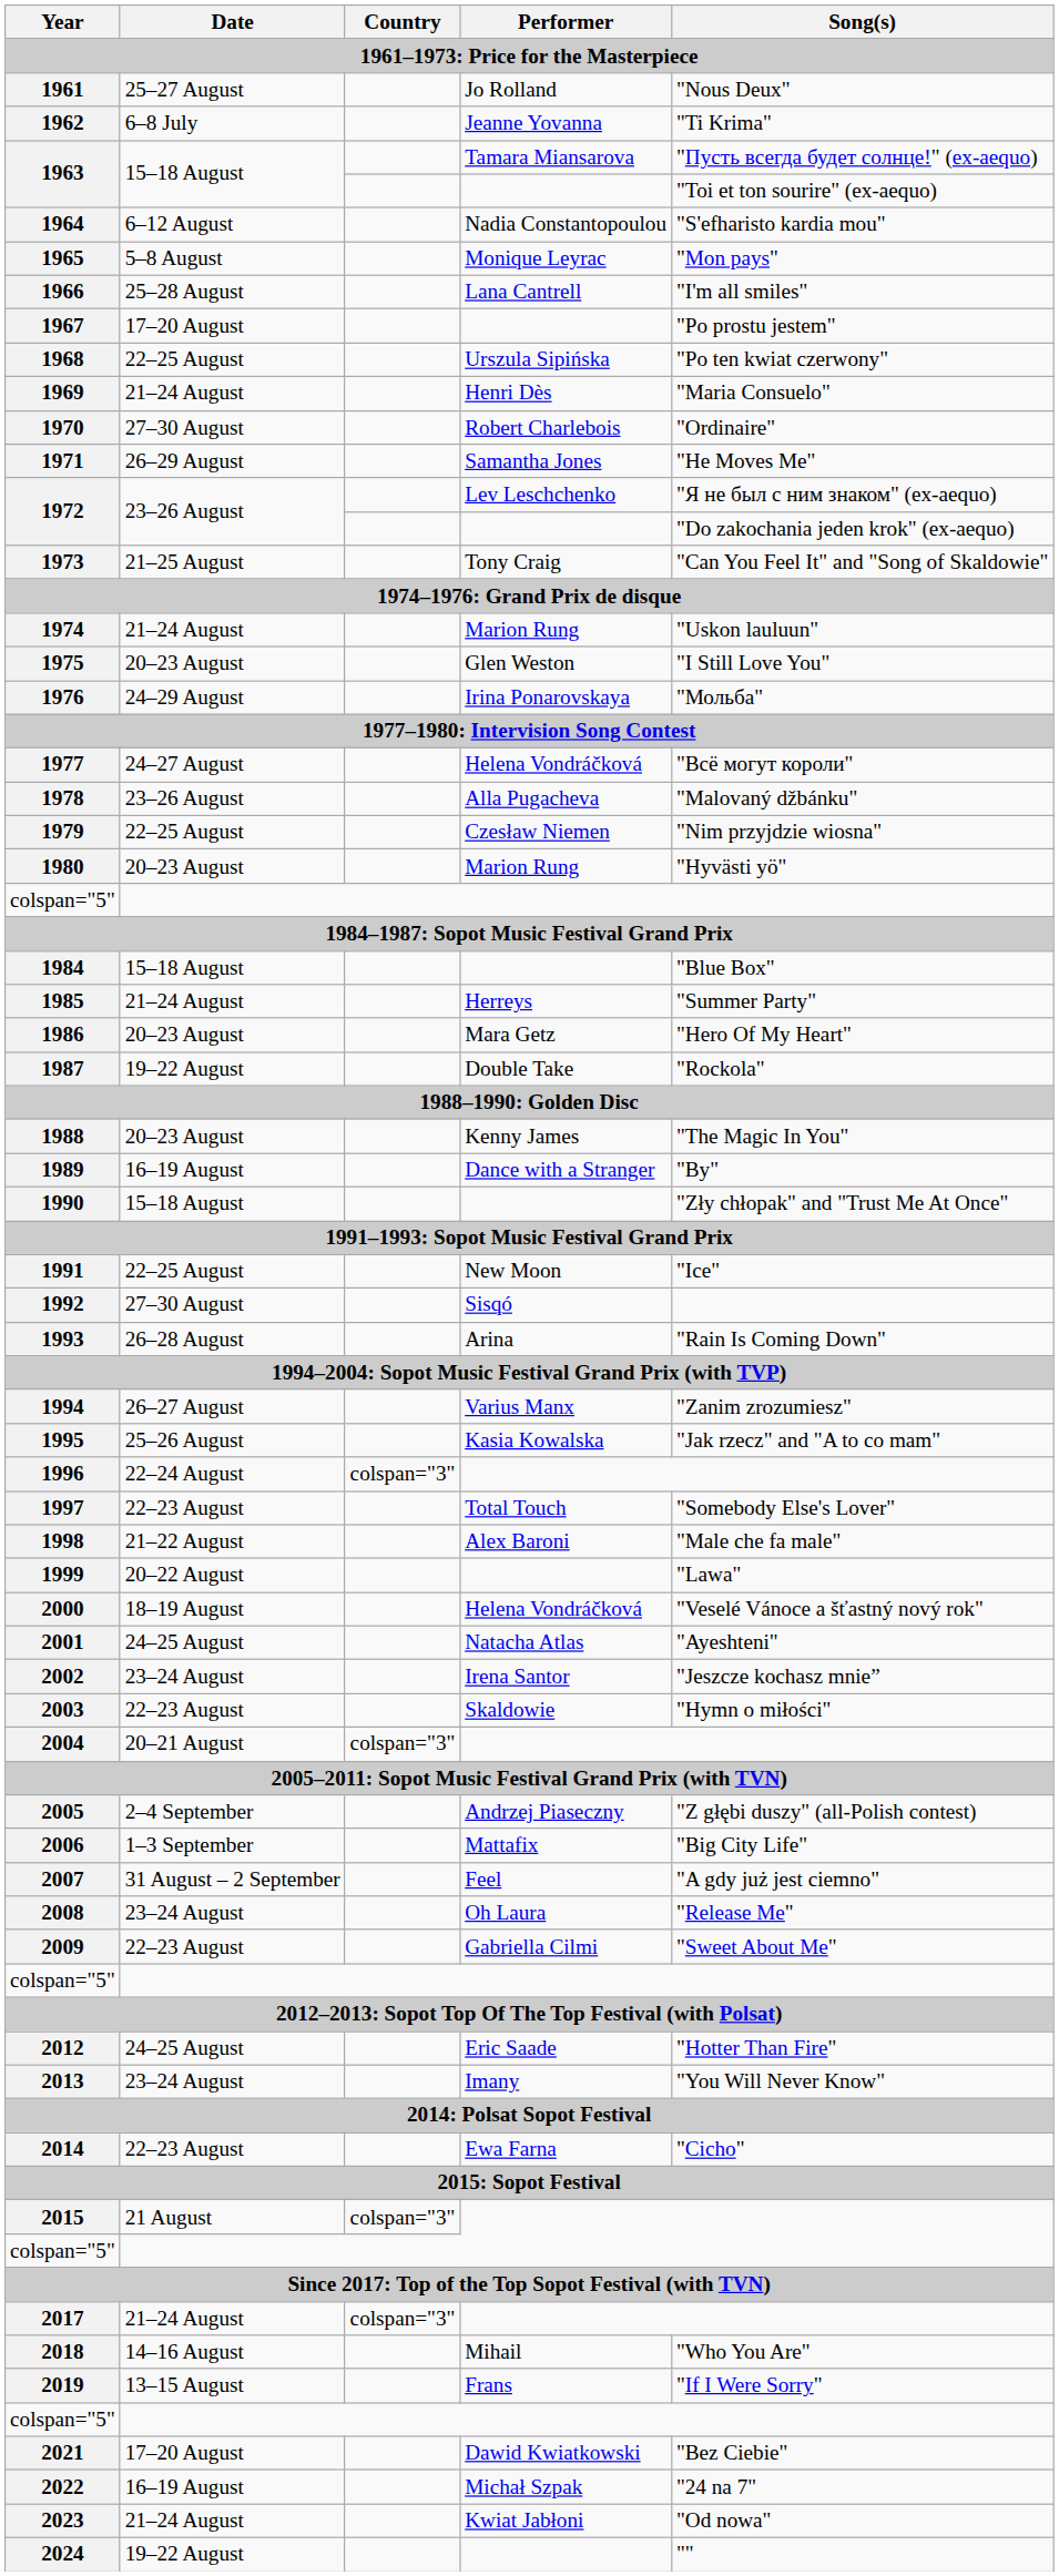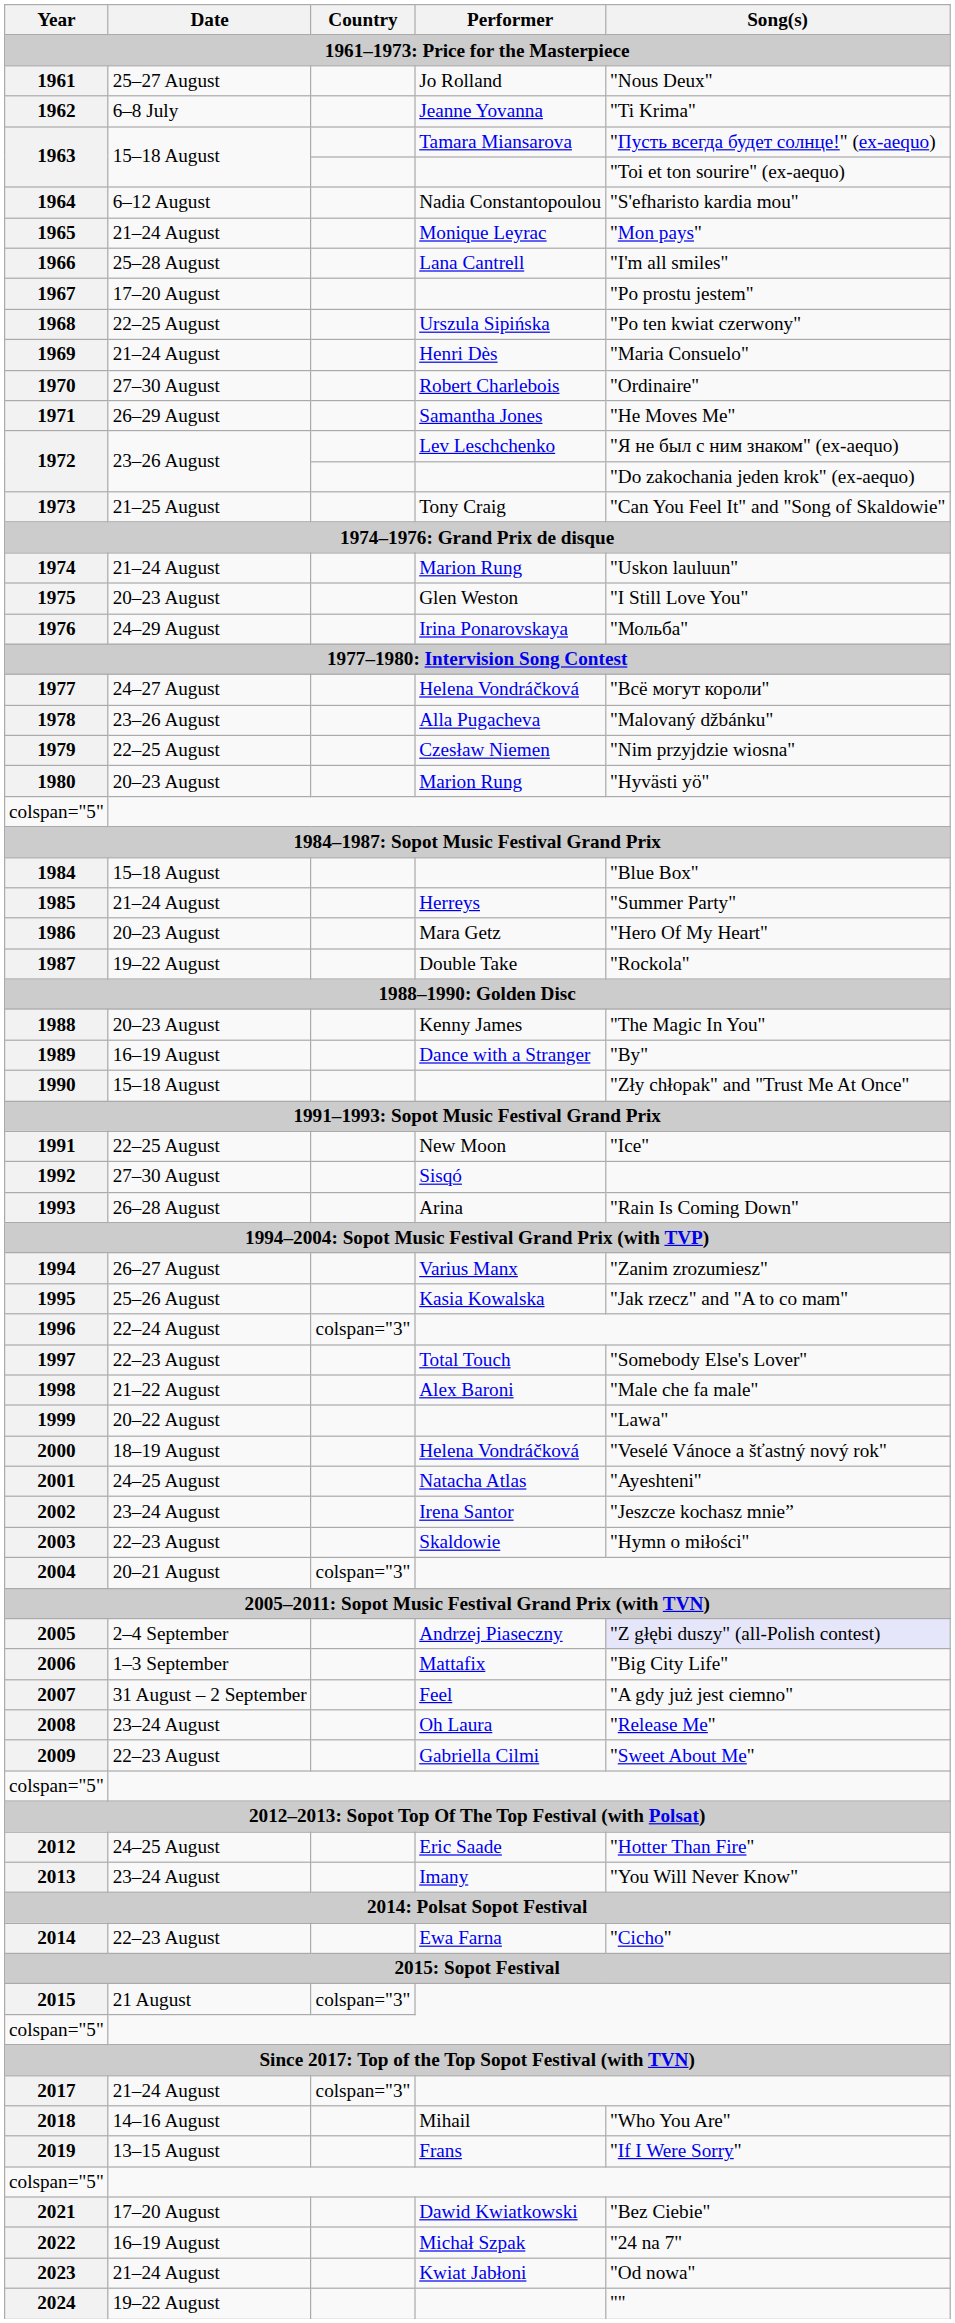 <table class="wikitable plainrowheaders" style="font-size: 95">
 <tr>
 <th scope="col">Year</th>
 <th scope="col">Date</th>
 <th scope="col">Country</th>
 <th scope="col">Performer</th>
 <th scope="col">Song(s)</th>
 </tr>
 <tr class="sortbottom" style="background:#ccc;">
 <td colspan="5"  style="text-align:center;"><strong>1961–1973: Price for the Masterpiece</strong></td>
 </tr>
 <tr>
 <th scope="row">1961</th>
 <td>25–27 August</td>
 <td></td>
 <td>Jo Rolland</td>
 <td>"Nous Deux"</td>
 </tr>
 <tr>
 <th scope="row">1962</th>
 <td>6–8 July</td>
 <td></td>
 <td><a href='#'>Jeanne Yovanna</a></td>
 <td>"Ti Krima"</td>
 </tr>
 <tr>
 <th scope="row" rowspan=2>1963</th>
 <td rowspan=2>15–18 August</td>
 <td></td>
 <td><a href='#'>Tamara Miansarova</a></td>
 <td>"<a href='#'>Пусть всегда будет солнце!</a>" (<a href='#'>ex-aequo</a>)</td>
 </tr>
 <tr>
 <td></td>
 <td></td>
 <td>"Toi et ton sourire" (ex-aequo)</td>
 </tr>
 <tr>
 <th scope="row">1964</th>
 <td>6–12 August</td>
 <td></td>
 <td>Nadia Constantopoulou</td>
 <td>"S'efharisto kardia mou"</td>
 </tr>
 <tr>
 <th scope="row">1965</th>
-<td>5–8 August</td>
+<td>21–24 August</td>
 <td></td>
 <td><a href='#'>Monique Leyrac</a></td>
 <td>"<a href='#'>Mon pays</a>"</td>
 </tr>
 <tr>
 <th scope="row">1966</th>
 <td>25–28 August</td>
 <td></td>
 <td><a href='#'>Lana Cantrell</a></td>
 <td>"I'm all smiles"</td>
 </tr>
 <tr>
 <th scope="row">1967</th>
 <td>17–20 August</td>
 <td></td>
 <td></td>
 <td>"Po prostu jestem"</td>
 </tr>
 <tr>
 <th scope="row">1968</th>
 <td>22–25 August</td>
 <td></td>
 <td><a href='#'>Urszula Sipińska</a></td>
 <td>"Po ten kwiat czerwony"</td>
 </tr>
 <tr>
 <th scope="row">1969</th>
 <td>21–24 August</td>
 <td></td>
 <td><a href='#'>Henri Dès</a></td>
 <td>"Maria Consuelo"</td>
 </tr>
 <tr>
 <th scope="row">1970</th>
 <td>27–30 August</td>
 <td></td>
 <td><a href='#'>Robert Charlebois</a></td>
 <td>"Ordinaire"</td>
 </tr>
 <tr>
 <th scope="row">1971</th>
 <td>26–29 August</td>
 <td></td>
 <td><a href='#'>Samantha Jones</a></td>
 <td>"He Moves Me"</td>
 </tr>
 <tr>
 <th scope="row" rowspan=2>1972</th>
 <td rowspan=2>23–26 August</td>
 <td></td>
 <td><a href='#'>Lev Leschchenko</a></td>
 <td>"Я не был с ним знаком" (ex-aequo)</td>
 </tr>
 <tr>
 <td></td>
 <td></td>
 <td>"Do zakochania jeden krok" (ex-aequo)</td>
 </tr>
 <tr>
 <th scope="row">1973</th>
 <td>21–25 August</td>
 <td></td>
 <td>Tony Craig</td>
 <td>"Can You Feel It" and "Song of Skaldowie"</td>
 </tr>
 <tr class="sortbottom" style="background:#ccc;">
 <td colspan="5"  style="text-align:center;"><strong>1974–1976: Grand Prix de disque</strong></td>
 </tr>
 <tr>
 <th scope="row">1974</th>
 <td>21–24 August</td>
 <td></td>
 <td><a href='#'>Marion Rung</a></td>
 <td>"Uskon lauluun"</td>
 </tr>
 <tr>
 <th scope="row">1975</th>
 <td>20–23 August</td>
 <td></td>
 <td>Glen Weston</td>
 <td>"I Still Love You"</td>
 </tr>
 <tr>
 <th scope="row">1976</th>
 <td>24–29 August</td>
 <td></td>
 <td><a href='#'>Irina Ponarovskaya</a></td>
 <td>"Мольба"</td>
 </tr>
 <tr class="sortbottom" style="background:#ccc;">
 <td colspan="5"  style="text-align:center;"><strong>1977–1980: <a href='#'>Intervision Song Contest</a></strong></td>
 </tr>
 <tr>
 <th scope="row">1977</th>
 <td>24–27 August</td>
 <td></td>
 <td><a href='#'>Helena Vondráčková</a></td>
 <td>"Всё могут короли"</td>
 </tr>
 <tr>
 <th scope="row">1978</th>
 <td>23–26 August</td>
 <td></td>
 <td><a href='#'>Alla Pugacheva</a></td>
 <td>"Malovaný džbánku"</td>
 </tr>
 <tr>
 <th scope="row">1979</th>
 <td>22–25 August</td>
 <td></td>
 <td><a href='#'>Czesław Niemen</a></td>
 <td>"Nim przyjdzie wiosna"</td>
 </tr>
 <tr>
 <th scope="row">1980</th>
 <td>20–23 August</td>
 <td></td>
 <td><a href='#'>Marion Rung</a></td>
 <td>"Hyvästi yö"</td>
 </tr>
 <tr>
 <td>colspan="5" </td>
 </tr>
 <tr class="sortbottom" style="background:#ccc;">
 <td colspan="5"  style="text-align:center;"><strong>1984–1987: Sopot Music Festival Grand Prix</strong></td>
 </tr>
 <tr>
 <th scope="row">1984</th>
 <td>15–18 August</td>
 <td></td>
 <td></td>
 <td>"Blue Box"</td>
 </tr>
 <tr>
 <th scope="row">1985</th>
 <td>21–24 August</td>
 <td></td>
 <td><a href='#'>Herreys</a></td>
 <td>"Summer Party"</td>
 </tr>
 <tr>
 <th scope="row">1986</th>
 <td>20–23 August</td>
 <td></td>
 <td>Mara Getz</td>
 <td>"Hero Of My Heart"</td>
 </tr>
 <tr>
 <th scope="row">1987</th>
 <td>19–22 August</td>
 <td></td>
 <td>Double Take</td>
 <td>"Rockola"</td>
 </tr>
 <tr class="sortbottom" style="background:#ccc;">
 <td colspan="5"  style="text-align:center;"><strong>1988–1990: Golden Disc</strong></td>
 </tr>
 <tr>
 <th scope="row">1988</th>
 <td>20–23 August</td>
 <td></td>
 <td>Kenny James</td>
 <td>"The Magic In You"</td>
 </tr>
 <tr>
 <th scope="row">1989</th>
 <td>16–19 August</td>
 <td></td>
 <td><a href='#'>Dance with a Stranger</a></td>
 <td>"By"</td>
 </tr>
 <tr>
 <th scope="row">1990</th>
 <td>15–18 August</td>
 <td></td>
 <td></td>
 <td>"Zły chłopak" and "Trust Me At Once"</td>
 </tr>
 <tr class="sortbottom" style="background:#ccc;">
 <td colspan="5"  style="text-align:center;"><strong>1991–1993: Sopot Music Festival Grand Prix</strong></td>
 </tr>
 <tr>
 <th scope="row">1991</th>
 <td>22–25 August</td>
 <td></td>
 <td>New Moon</td>
 <td>"Ice"</td>
 </tr>
 <tr>
 <th scope="row">1992</th>
 <td>27–30 August</td>
 <td></td>
 <td><a href='#'>Sisqó</a></td>
 <td></td>
 </tr>
 <tr>
 <th scope="row">1993</th>
 <td>26–28 August</td>
 <td></td>
 <td>Arina</td>
 <td>"Rain Is Coming Down"</td>
 </tr>
 <tr class="sortbottom" style="background:#ccc;">
 <td colspan="5"  style="text-align:center;"><strong>1994–2004: Sopot Music Festival Grand Prix (with <a href='#'>TVP</a>)</strong></td>
 </tr>
 <tr>
 <th scope="row">1994</th>
 <td>26–27 August</td>
 <td></td>
 <td><a href='#'>Varius Manx</a></td>
 <td>"Zanim zrozumiesz"</td>
 </tr>
 <tr>
 <th scope="row">1995</th>
 <td>25–26 August</td>
 <td></td>
 <td><a href='#'>Kasia Kowalska</a></td>
 <td>"Jak rzecz" and "A to co mam"</td>
 </tr>
 <tr>
 <th scope="row">1996</th>
 <td>22–24 August</td>
 <td>colspan="3" </td>
 </tr>
 <tr>
 <th scope="row">1997</th>
 <td>22–23 August</td>
 <td></td>
 <td><a href='#'>Total Touch</a></td>
 <td>"Somebody Else's Lover"</td>
 </tr>
 <tr>
 <th scope="row">1998</th>
 <td>21–22 August</td>
 <td></td>
 <td><a href='#'>Alex Baroni</a></td>
 <td>"Male che fa male"</td>
 </tr>
 <tr>
 <th scope="row">1999</th>
 <td>20–22 August</td>
 <td></td>
 <td></td>
 <td>"Lawa"</td>
 </tr>
 <tr>
 <th scope="row">2000</th>
 <td>18–19 August</td>
 <td></td>
 <td><a href='#'>Helena Vondráčková</a></td>
 <td>"Veselé Vánoce a šťastný nový rok"</td>
 </tr>
 <tr>
 <th scope="row">2001</th>
 <td>24–25 August</td>
 <td></td>
 <td><a href='#'>Natacha Atlas</a></td>
 <td>"Ayeshteni"</td>
 </tr>
 <tr>
 <th scope="row">2002</th>
 <td>23–24 August</td>
 <td></td>
 <td><a href='#'>Irena Santor</a></td>
 <td>"Jeszcze kochasz mnie”</td>
 </tr>
 <tr>
 <th scope="row">2003</th>
 <td>22–23 August</td>
 <td></td>
 <td><a href='#'>Skaldowie</a></td>
 <td>"Hymn o miłości"</td>
 </tr>
 <tr>
 <th scope="row">2004</th>
 <td>20–21 August</td>
 <td>colspan="3" </td>
 </tr>
 <tr class="sortbottom" style="background:#ccc;">
 <td colspan="5"  style="text-align:center;"><strong>2005–2011: Sopot Music Festival Grand Prix (with <a href='#'>TVN</a>)</strong></td>
 </tr>
 <tr>
 <th scope="row">2005</th>
 <td>2–4 September</td>
 <td></td>
 <td><a href='#'>Andrzej Piaseczny</a></td>
-<td>"Z głębi duszy" (all-Polish contest)</td>
+<td style="background: lavender;">"Z głębi duszy" (all-Polish contest)</td>
 </tr>
 <tr>
 <th scope="row">2006</th>
 <td>1–3 September</td>
 <td></td>
 <td><a href='#'>Mattafix</a></td>
 <td>"Big City Life"</td>
 </tr>
 <tr>
 <th scope="row">2007</th>
 <td>31 August – 2 September</td>
 <td></td>
 <td><a href='#'>Feel</a></td>
 <td>"A gdy już jest ciemno"</td>
 </tr>
 <tr>
 <th scope="row">2008</th>
 <td>23–24 August</td>
 <td></td>
 <td><a href='#'>Oh Laura</a></td>
 <td>"<a href='#'>Release Me</a>"</td>
 </tr>
 <tr>
 <th scope="row">2009</th>
 <td>22–23 August</td>
 <td></td>
 <td><a href='#'>Gabriella Cilmi</a></td>
 <td>"<a href='#'>Sweet About Me</a>"</td>
 </tr>
 <tr>
 <td>colspan="5" </td>
 </tr>
 <tr class="sortbottom" style="background:#ccc;">
 <td colspan="5"  style="text-align:center;"><strong>2012–2013: Sopot Top Of The Top Festival (with <a href='#'>Polsat</a>)</strong></td>
 </tr>
 <tr>
 <th scope="row">2012</th>
 <td>24–25 August</td>
 <td></td>
 <td><a href='#'>Eric Saade</a></td>
 <td>"<a href='#'>Hotter Than Fire</a>"</td>
 </tr>
 <tr>
 <th scope="row">2013</th>
 <td>23–24 August</td>
 <td></td>
 <td><a href='#'>Imany</a></td>
 <td>"You Will Never Know"</td>
 </tr>
 <tr class="sortbottom" style="background:#ccc;">
 <td colspan="5"  style="text-align:center;"><strong>2014: Polsat Sopot Festival</strong></td>
 </tr>
 <tr>
 <th scope="row">2014</th>
 <td>22–23 August</td>
 <td></td>
 <td><a href='#'>Ewa Farna</a></td>
 <td>"<a href='#'>Cicho</a>"</td>
 </tr>
 <tr class="sortbottom" style="background:#ccc;">
 <td colspan="5"  style="text-align:center;"><strong>2015: Sopot Festival</strong></td>
 </tr>
 <tr>
 <th scope="row">2015</th>
 <td>21 August</td>
 <td>colspan="3" </td>
 </tr>
 <tr>
 <td>colspan="5" </td>
 </tr>
 <tr class="sortbottom" style="background:#ccc;">
 <td colspan="5"  style="text-align:center;"><strong>Since 2017: Top of the Top Sopot Festival (with <a href='#'>TVN</a>)</strong></td>
 </tr>
 <tr>
 <th scope="row">2017</th>
 <td>21–24 August</td>
 <td>colspan="3" </td>
 </tr>
 <tr>
 <th scope="row">2018</th>
 <td>14–16 August</td>
 <td></td>
 <td>Mihail</td>
 <td>"Who You Are"</td>
 </tr>
 <tr>
 <th scope="row">2019</th>
 <td>13–15 August</td>
 <td></td>
 <td><a href='#'>Frans</a></td>
 <td>"<a href='#'>If I Were Sorry</a>"</td>
 </tr>
 <tr>
 <td>colspan="5" </td>
 </tr>
 <tr>
 <th scope="row">2021</th>
 <td>17–20 August</td>
 <td></td>
 <td><a href='#'>Dawid Kwiatkowski</a></td>
 <td>"Bez Ciebie"</td>
 </tr>
 <tr>
 <th scope="row">2022</th>
 <td>16–19 August</td>
 <td></td>
 <td><a href='#'>Michał Szpak</a></td>
 <td>"24 na 7"</td>
 </tr>
 <tr>
 <th scope="row">2023</th>
 <td>21–24 August</td>
 <td></td>
 <td><a href='#'>Kwiat Jabłoni</a></td>
 <td>"Od nowa"</td>
 </tr>
 <tr>
 <th scope="row">2024</th>
 <td>19–22 August</td>
 <td></td>
 <td></td>
 <td>""</td>
 </tr>
 </table>
